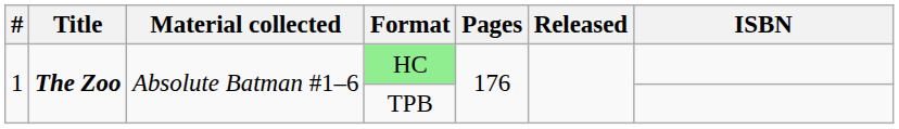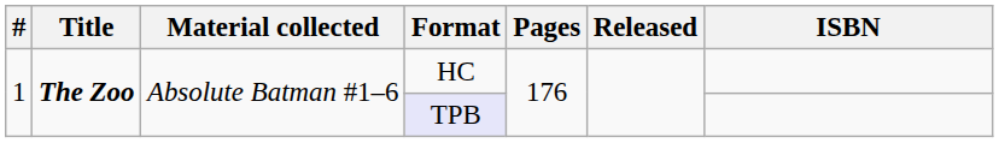 <table class="wikitable">
 <tr>
 <th width="4px">#</th>
 <th>Title</th>
 <th>Material collected</th>
 <th class="unsortable">Format</th>
 <th>Pages</th>
 <th>Released</th>
 <th class="unsortable" style="width: 10em;">ISBN</th>
 </tr>
 <tr>
 <td rowspan=2>1</td>
 <td rowspan=2><strong><em>The Zoo</em></strong></td>
 <td rowspan=2><em>Absolute Batman</em> #1–6</td>
-<td style="background: lightgreen; text-align: center;">HC</td>
+<td style="text-align: center;">HC</td>
 <td rowspan=2 style="text-align: center;">176</td>
 <td rowspan=2></td>
 <td></td>
 </tr>
 <tr>
-<td style="text-align: center;">TPB</td>
+<td style="background: lavender; text-align: center;">TPB</td>
 <td></td>
 </tr>
 </table>
